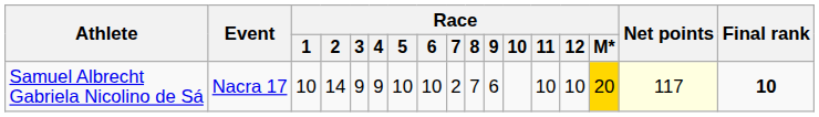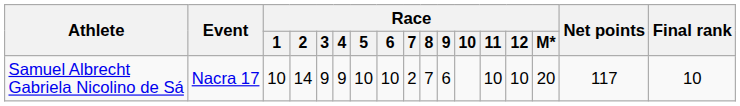 <table class="wikitable" style="font-size:90%">
 <tr>
 <th rowspan="2">Athlete</th>
 <th rowspan="2">Event</th>
 <th colspan=13>Race</th>
 <th rowspan=2>Net points</th>
 <th rowspan=2>Final rank</th>
 </tr>
 <tr style="font-size:95%">
 <th>1</th>
 <th>2</th>
 <th>3</th>
 <th>4</th>
 <th>5</th>
 <th>6</th>
 <th>7</th>
 <th>8</th>
 <th>9</th>
 <th>10</th>
 <th>11</th>
 <th>12</th>
 <th>M*</th>
 </tr>
 <tr align=center>
 <td align=left><a href='#'>Samuel Albrecht</a><br><a href='#'>Gabriela Nicolino de Sá</a></td>
 <td align=left><a href='#'>Nacra 17</a></td>
 <td>10</td>
 <td>14</td>
 <td>9</td>
 <td>9</td>
 <td>10</td>
 <td>10</td>
 <td>2</td>
 <td>7</td>
 <td>6</td>
 <td></td>
 <td>10</td>
 <td>10</td>
-<td style="background: gold;">20</td>
-<td style="background: lightyellow;">117</td>
-<td><strong>10</strong></td>
+<td>20</td>
+<td>117</td>
+<td>10</td>
 </tr>
 </table>
